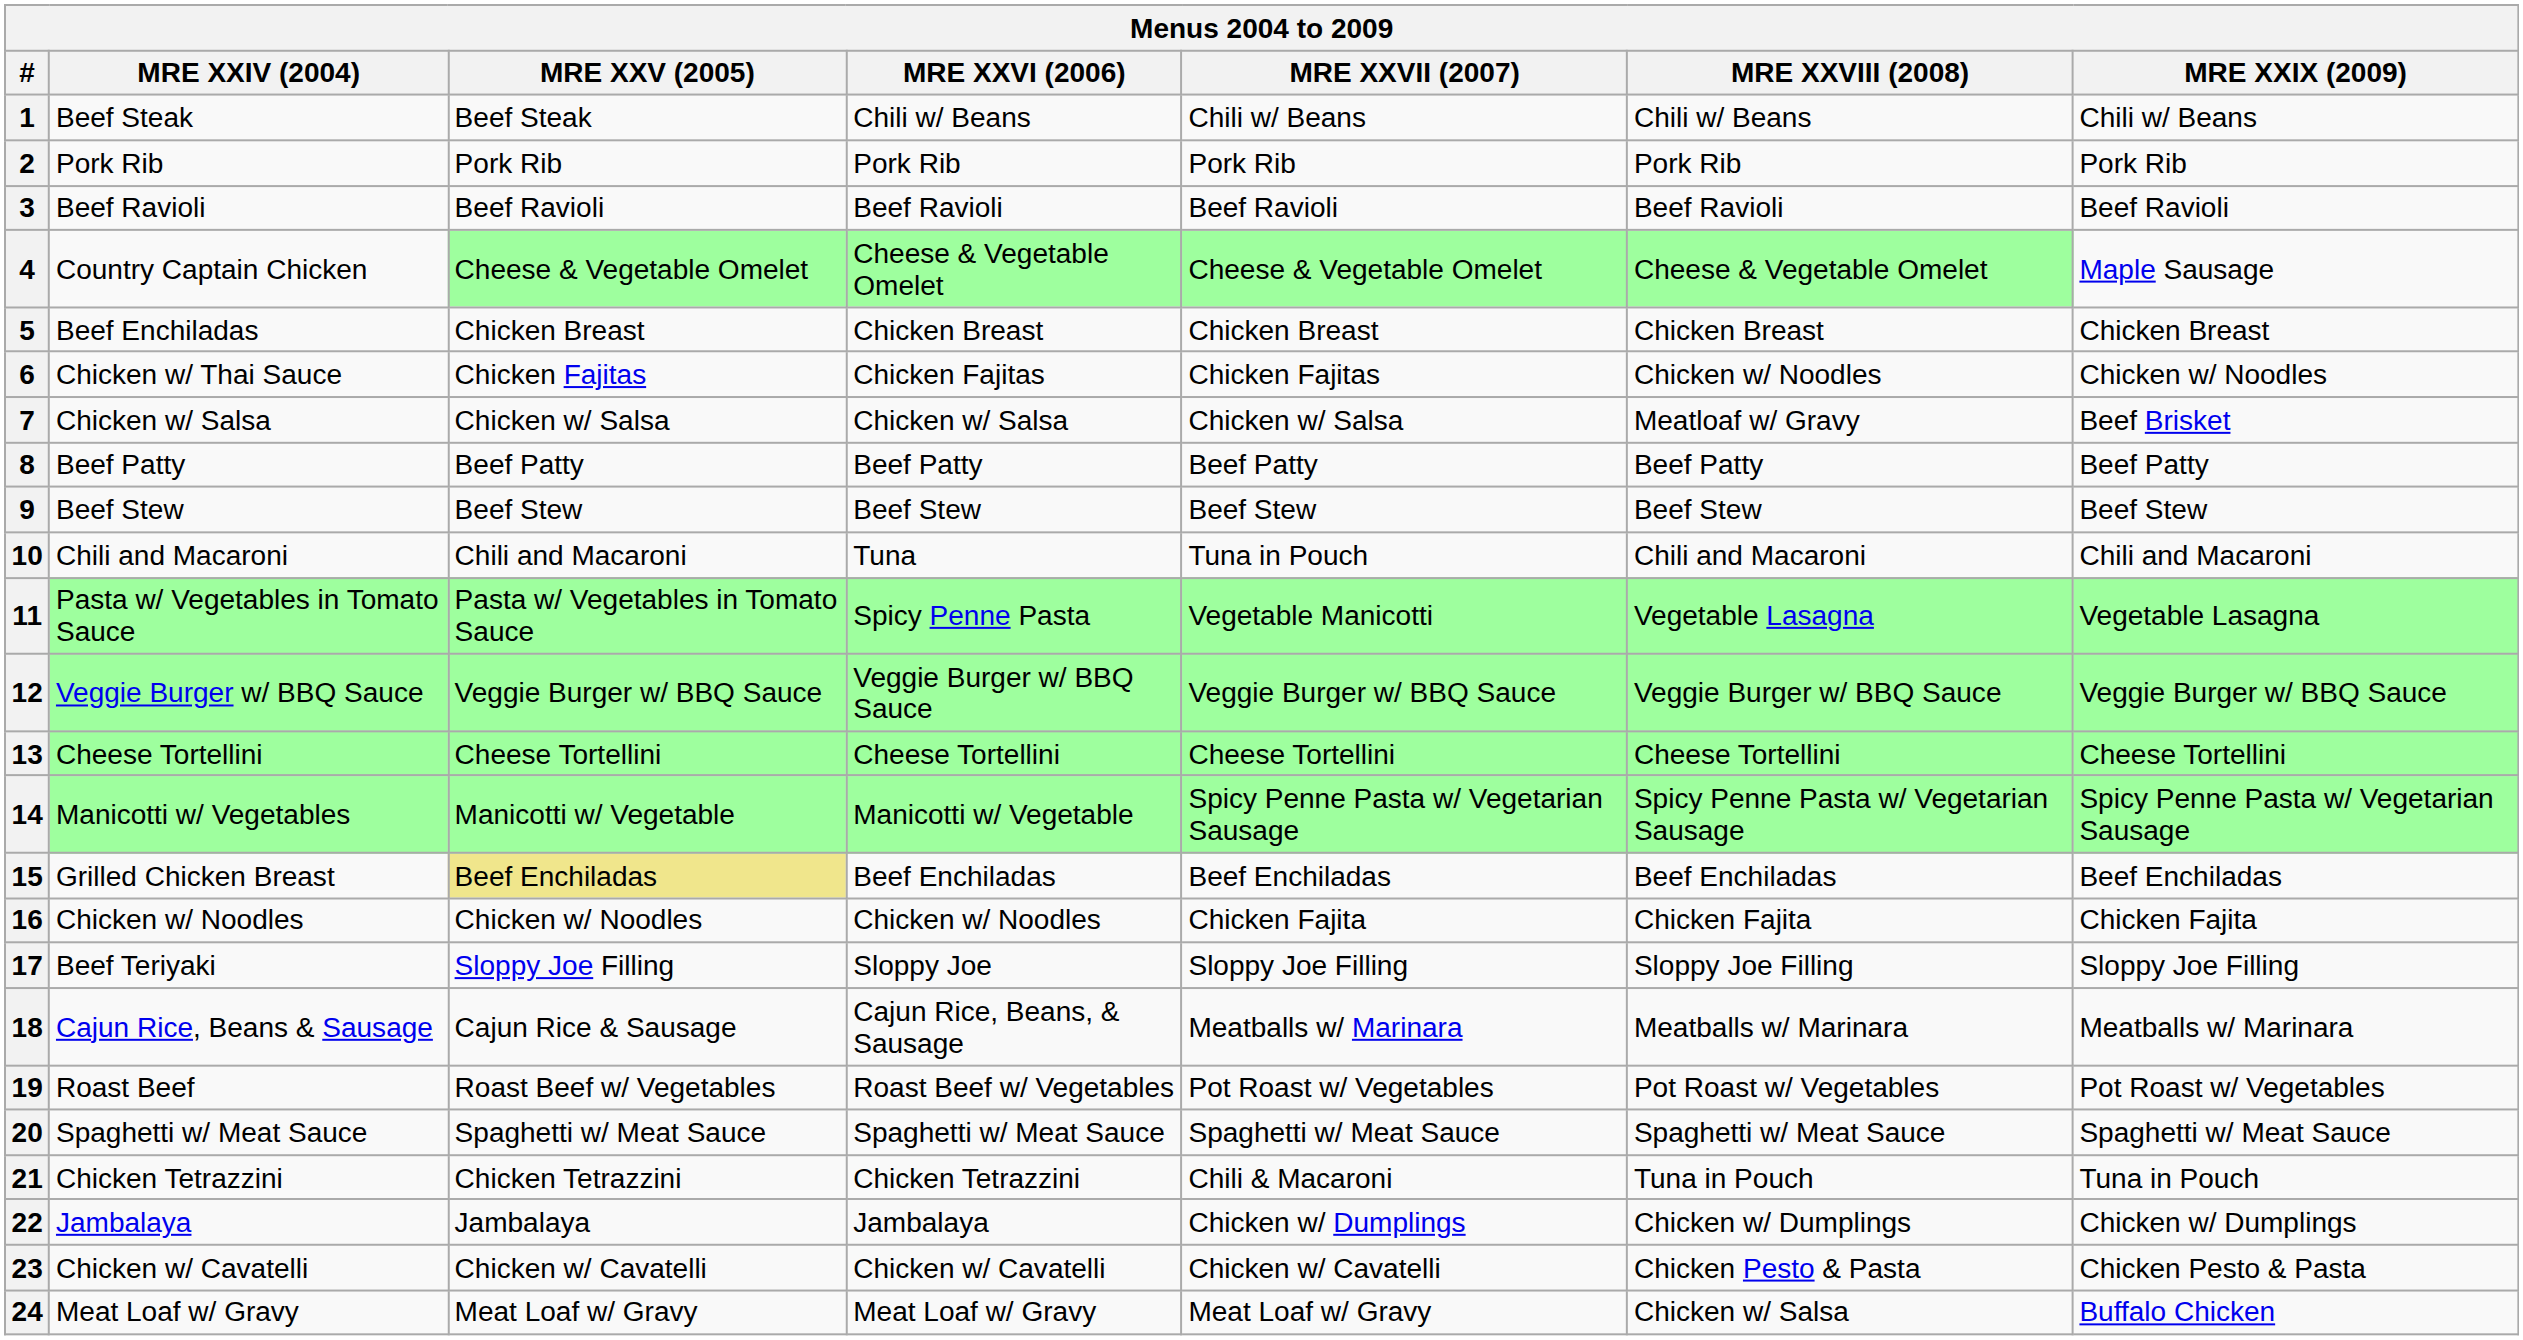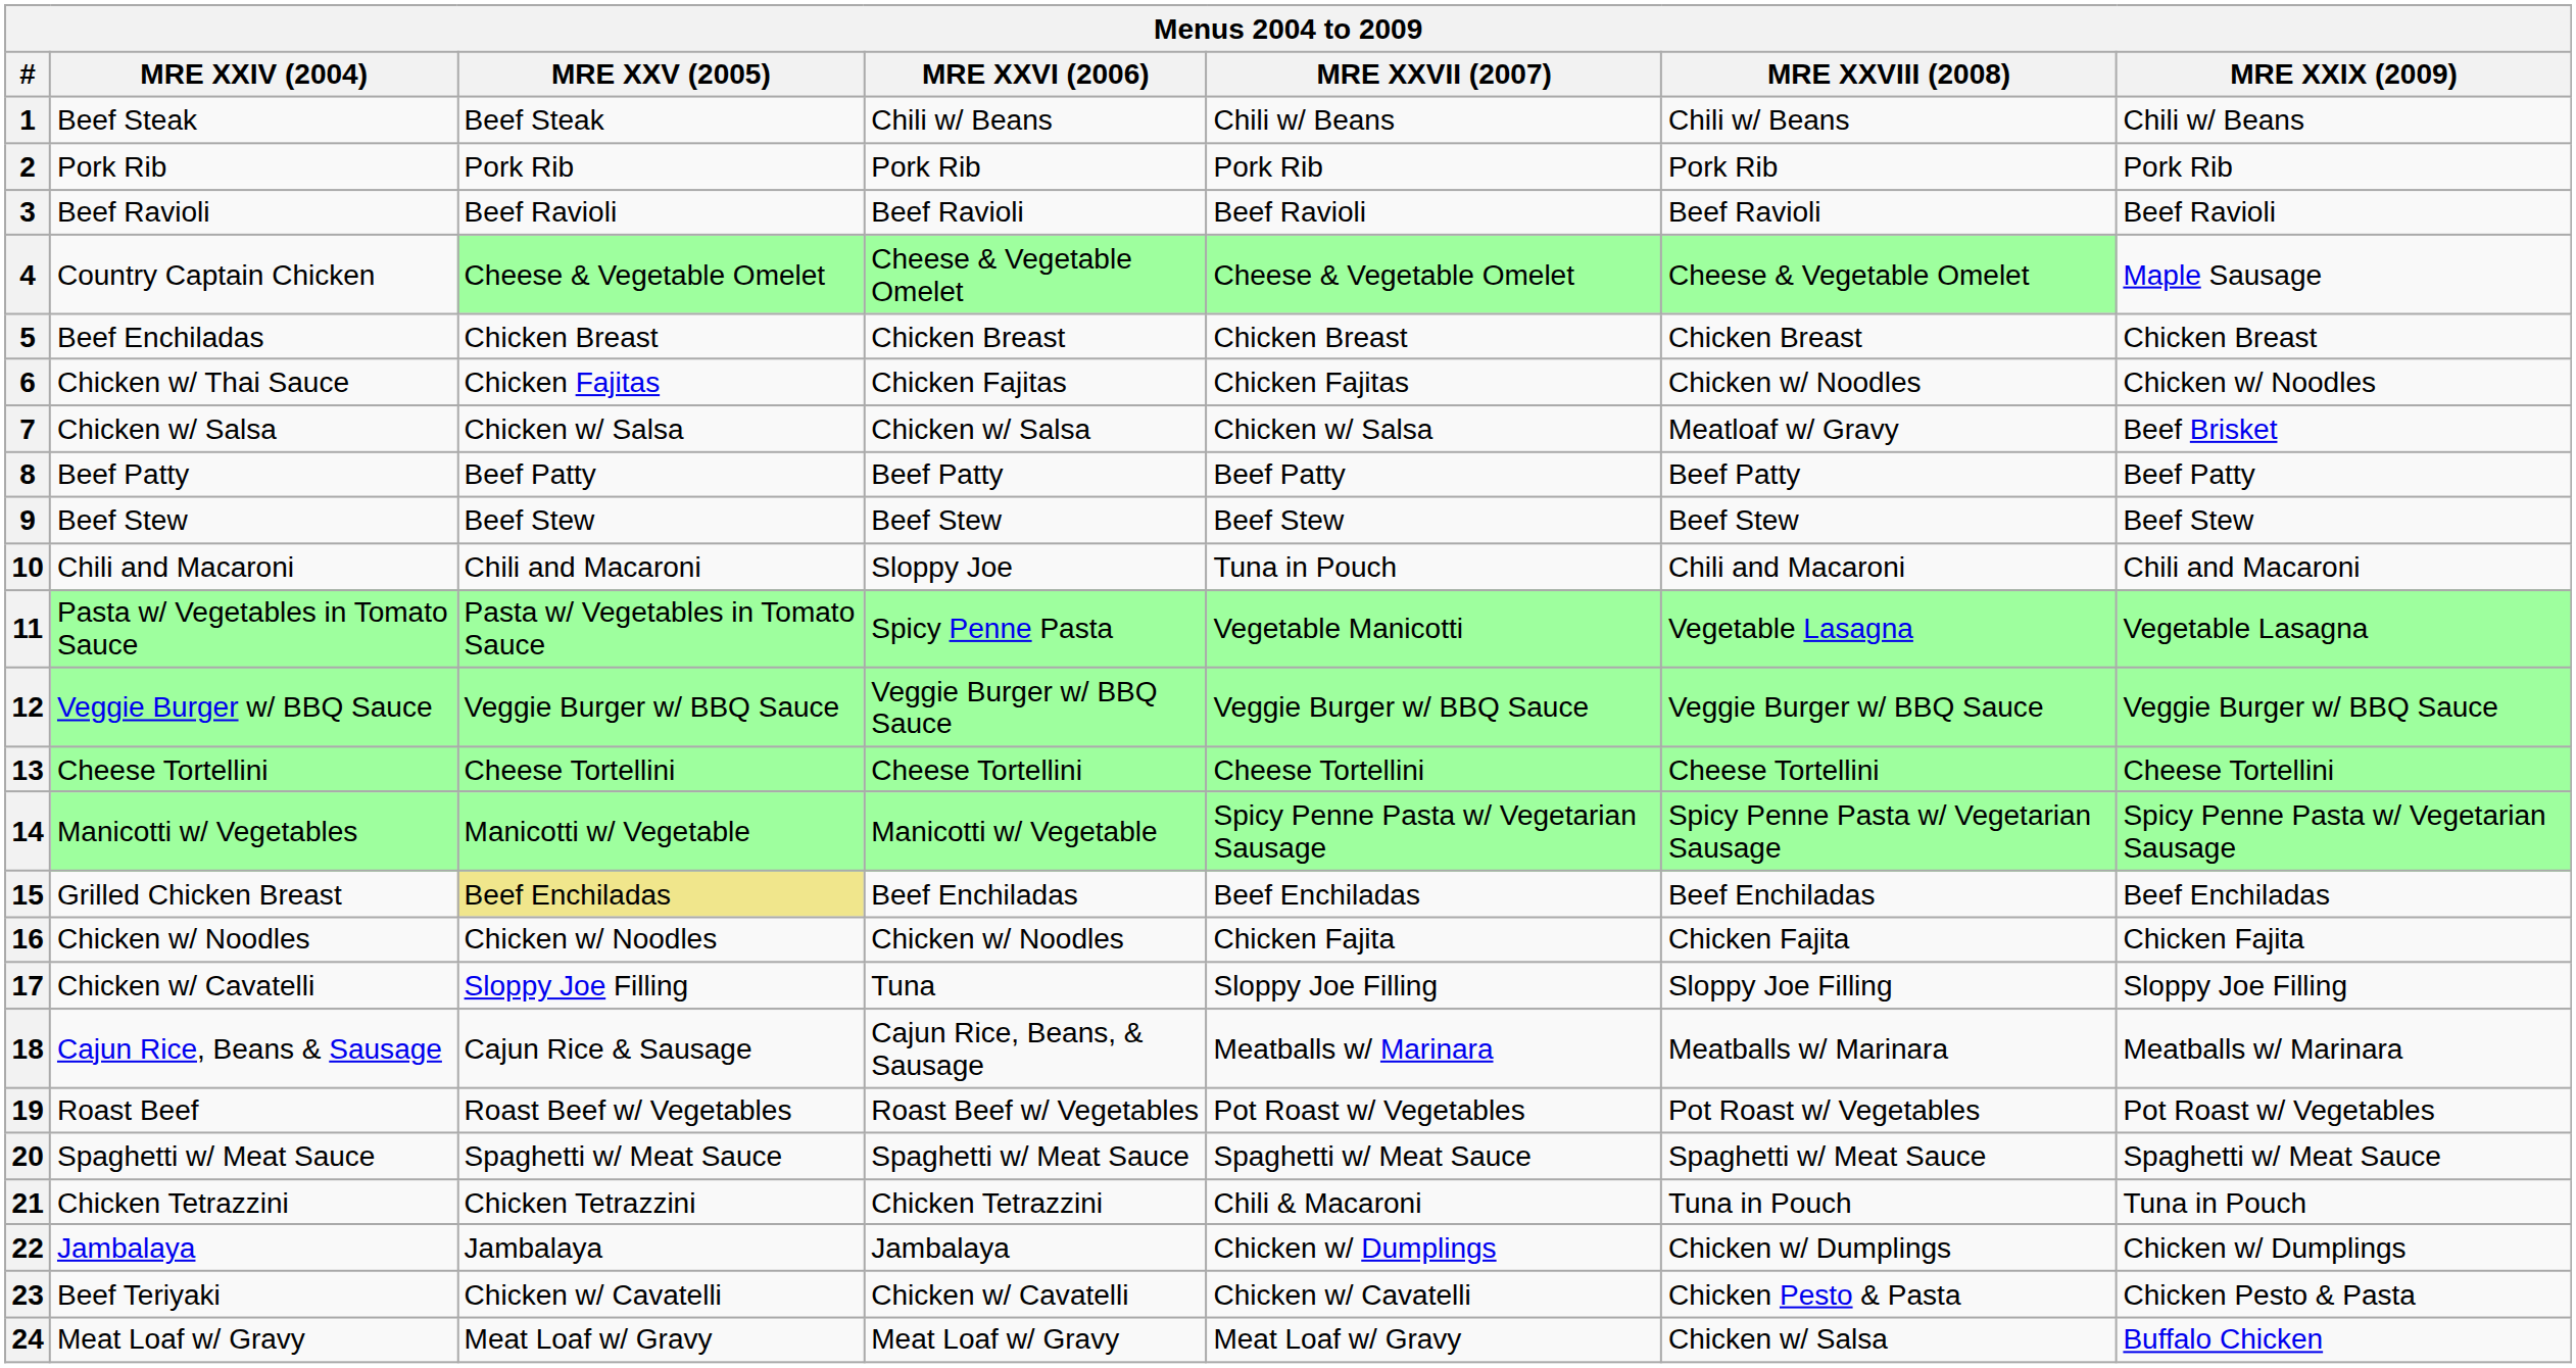 <table class="wikitable collapsible collapsed" style="width:100%; font-size:88%;">
 <tr>
 <th colspan="7">Menus 2004 to 2009</th>
 </tr>
 <tr>
 <th>#</th>
 <th>MRE XXIV (2004)</th>
 <th>MRE XXV (2005)</th>
 <th>MRE XXVI (2006)</th>
 <th>MRE XXVII (2007)</th>
 <th>MRE XXVIII (2008)</th>
 <th>MRE XXIX (2009)</th>
 </tr>
 <tr>
 <th>1</th>
 <td>Beef Steak</td>
 <td>Beef Steak</td>
 <td>Chili w/ Beans</td>
 <td>Chili w/ Beans</td>
 <td>Chili w/ Beans</td>
 <td>Chili w/ Beans</td>
 </tr>
 <tr>
 <th>2</th>
 <td>Pork Rib</td>
 <td>Pork Rib</td>
 <td>Pork Rib</td>
 <td>Pork Rib</td>
 <td>Pork Rib</td>
 <td>Pork Rib</td>
 </tr>
 <tr>
 <th>3</th>
 <td>Beef Ravioli</td>
 <td>Beef Ravioli</td>
 <td>Beef Ravioli</td>
 <td>Beef Ravioli</td>
 <td>Beef Ravioli</td>
 <td>Beef Ravioli</td>
 </tr>
 <tr>
 <th>4</th>
 <td>Country Captain Chicken</td>
 <td bgcolor=#9EFF9E>Cheese & Vegetable Omelet</td>
 <td bgcolor=#9EFF9E>Cheese & Vegetable Omelet</td>
 <td bgcolor=#9EFF9E>Cheese & Vegetable Omelet</td>
 <td bgcolor=#9EFF9E>Cheese & Vegetable Omelet</td>
 <td><a href='#'>Maple</a> Sausage</td>
 </tr>
 <tr>
 <th>5</th>
 <td>Beef Enchiladas</td>
 <td>Chicken Breast</td>
 <td>Chicken Breast</td>
 <td>Chicken Breast</td>
 <td>Chicken Breast</td>
 <td>Chicken Breast</td>
 </tr>
 <tr>
 <th>6</th>
 <td>Chicken w/ Thai Sauce</td>
 <td>Chicken <a href='#'>Fajitas</a></td>
 <td>Chicken Fajitas</td>
 <td>Chicken Fajitas</td>
 <td>Chicken w/ Noodles</td>
 <td>Chicken w/ Noodles</td>
 </tr>
 <tr>
 <th>7</th>
 <td>Chicken w/ Salsa</td>
 <td>Chicken w/ Salsa</td>
 <td>Chicken w/ Salsa</td>
 <td>Chicken w/ Salsa</td>
 <td>Meatloaf w/ Gravy</td>
 <td>Beef <a href='#'>Brisket</a></td>
 </tr>
 <tr>
 <th>8</th>
 <td>Beef Patty</td>
 <td>Beef Patty</td>
 <td>Beef Patty</td>
 <td>Beef Patty</td>
 <td>Beef Patty</td>
 <td>Beef Patty</td>
 </tr>
 <tr>
 <th>9</th>
 <td>Beef Stew</td>
 <td>Beef Stew</td>
 <td>Beef Stew</td>
 <td>Beef Stew</td>
 <td>Beef Stew</td>
 <td>Beef Stew</td>
 </tr>
 <tr>
 <th>10</th>
 <td>Chili and Macaroni</td>
 <td>Chili and Macaroni</td>
-<td>Tuna</td>
+<td>Sloppy Joe</td>
 <td>Tuna in Pouch</td>
 <td>Chili and Macaroni</td>
 <td>Chili and Macaroni</td>
 </tr>
 <tr>
 <th>11</th>
 <td bgcolor=#9EFF9E>Pasta w/ Vegetables in Tomato Sauce</td>
 <td bgcolor=#9EFF9E>Pasta w/ Vegetables in Tomato Sauce</td>
 <td bgcolor=#9EFF9E>Spicy <a href='#'>Penne</a> Pasta</td>
 <td bgcolor=#9EFF9E>Vegetable Manicotti</td>
 <td bgcolor=#9EFF9E>Vegetable <a href='#'>Lasagna</a></td>
 <td bgcolor=#9EFF9E>Vegetable Lasagna</td>
 </tr>
 <tr>
 <th>12</th>
 <td bgcolor=#9EFF9E><a href='#'>Veggie Burger</a> w/ BBQ Sauce</td>
 <td bgcolor=#9EFF9E>Veggie Burger w/ BBQ Sauce</td>
 <td bgcolor=#9EFF9E>Veggie Burger w/ BBQ Sauce</td>
 <td bgcolor=#9EFF9E>Veggie Burger w/ BBQ Sauce</td>
 <td bgcolor=#9EFF9E>Veggie Burger w/ BBQ Sauce</td>
 <td bgcolor=#9EFF9E>Veggie Burger w/ BBQ Sauce</td>
 </tr>
 <tr>
 <th>13</th>
 <td bgcolor=#9EFF9E>Cheese Tortellini</td>
 <td bgcolor=#9EFF9E>Cheese Tortellini</td>
 <td bgcolor=#9EFF9E>Cheese Tortellini</td>
 <td bgcolor=#9EFF9E>Cheese Tortellini</td>
 <td bgcolor=#9EFF9E>Cheese Tortellini</td>
 <td bgcolor=#9EFF9E>Cheese Tortellini</td>
 </tr>
 <tr>
 <th>14</th>
 <td bgcolor=#9EFF9E>Manicotti w/ Vegetables</td>
 <td bgcolor=#9EFF9E>Manicotti w/ Vegetable</td>
 <td bgcolor=#9EFF9E>Manicotti w/ Vegetable</td>
 <td bgcolor=#9EFF9E>Spicy Penne Pasta w/ Vegetarian Sausage</td>
 <td bgcolor=#9EFF9E>Spicy Penne Pasta w/ Vegetarian Sausage</td>
 <td bgcolor=#9EFF9E>Spicy Penne Pasta w/ Vegetarian Sausage</td>
 </tr>
 <tr>
 <th>15</th>
 <td>Grilled Chicken Breast</td>
 <td style="background: khaki;">Beef Enchiladas</td>
 <td>Beef Enchiladas</td>
 <td>Beef Enchiladas</td>
 <td>Beef Enchiladas</td>
 <td>Beef Enchiladas</td>
 </tr>
 <tr>
 <th>16</th>
 <td>Chicken w/ Noodles</td>
 <td>Chicken w/ Noodles</td>
 <td>Chicken w/ Noodles</td>
 <td>Chicken Fajita</td>
 <td>Chicken Fajita</td>
 <td>Chicken Fajita</td>
 </tr>
 <tr>
 <th>17</th>
-<td>Beef Teriyaki</td>
+<td>Chicken w/ Cavatelli</td>
 <td><a href='#'>Sloppy Joe</a> Filling</td>
-<td>Sloppy Joe</td>
+<td>Tuna</td>
 <td>Sloppy Joe Filling</td>
 <td>Sloppy Joe Filling</td>
 <td>Sloppy Joe Filling</td>
 </tr>
 <tr>
 <th>18</th>
 <td><a href='#'>Cajun Rice</a>, Beans & <a href='#'>Sausage</a></td>
 <td>Cajun Rice & Sausage</td>
 <td>Cajun Rice, Beans, & Sausage</td>
 <td>Meatballs w/ <a href='#'>Marinara</a></td>
 <td>Meatballs w/ Marinara</td>
 <td>Meatballs w/ Marinara</td>
 </tr>
 <tr>
 <th>19</th>
 <td>Roast Beef</td>
 <td>Roast Beef w/ Vegetables</td>
 <td>Roast Beef w/ Vegetables</td>
 <td>Pot Roast w/ Vegetables</td>
 <td>Pot Roast w/ Vegetables</td>
 <td>Pot Roast w/ Vegetables</td>
 </tr>
 <tr>
 <th>20</th>
 <td>Spaghetti w/ Meat Sauce</td>
 <td>Spaghetti w/ Meat Sauce</td>
 <td>Spaghetti w/ Meat Sauce</td>
 <td>Spaghetti w/ Meat Sauce</td>
 <td>Spaghetti w/ Meat Sauce</td>
 <td>Spaghetti w/ Meat Sauce</td>
 </tr>
 <tr>
 <th>21</th>
 <td>Chicken Tetrazzini</td>
 <td>Chicken Tetrazzini</td>
 <td>Chicken Tetrazzini</td>
 <td>Chili & Macaroni</td>
 <td>Tuna in Pouch</td>
 <td>Tuna in Pouch</td>
 </tr>
 <tr>
 <th>22</th>
 <td><a href='#'>Jambalaya</a></td>
 <td>Jambalaya</td>
 <td>Jambalaya</td>
 <td>Chicken w/ <a href='#'>Dumplings</a></td>
 <td>Chicken w/ Dumplings</td>
 <td>Chicken w/ Dumplings</td>
 </tr>
 <tr>
 <th>23</th>
-<td>Chicken w/ Cavatelli</td>
+<td>Beef Teriyaki</td>
 <td>Chicken w/ Cavatelli</td>
 <td>Chicken w/ Cavatelli</td>
 <td>Chicken w/ Cavatelli</td>
 <td>Chicken <a href='#'>Pesto</a> & Pasta</td>
 <td>Chicken Pesto & Pasta</td>
 </tr>
 <tr>
 <th>24</th>
 <td>Meat Loaf w/ Gravy</td>
 <td>Meat Loaf w/ Gravy</td>
 <td>Meat Loaf w/ Gravy</td>
 <td>Meat Loaf w/ Gravy</td>
 <td>Chicken w/ Salsa</td>
 <td><a href='#'>Buffalo Chicken</a></td>
 </tr>
 </table>
